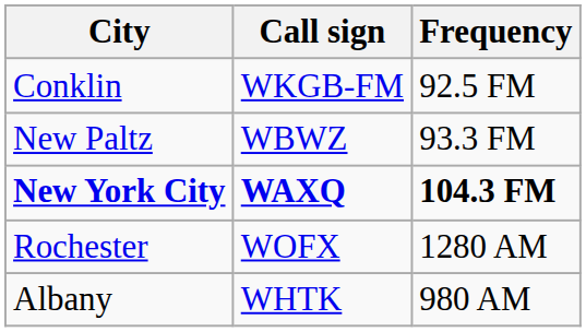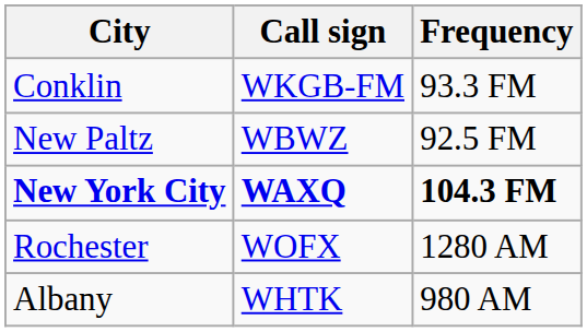 <table class="wikitable">
 <tr>
 <th>City</th>
 <th>Call sign</th>
 <th>Frequency</th>
 </tr>
 <tr>
 <td><a href='#'>Conklin</a></td>
 <td><a href='#'>WKGB-FM</a></td>
-<td>92.5 FM</td>
+<td>93.3 FM</td>
 </tr>
 <tr>
 <td><a href='#'>New Paltz</a></td>
 <td><a href='#'>WBWZ</a></td>
-<td>93.3 FM</td>
+<td>92.5 FM</td>
 </tr>
 <tr>
 <td><strong><a href='#'>New York City</a></strong></td>
 <td><strong><a href='#'>WAXQ</a></strong></td>
 <td><strong>104.3 FM</strong></td>
 </tr>
 <tr>
 <td><a href='#'>Rochester</a></td>
 <td><a href='#'>WOFX</a></td>
 <td>1280 AM</td>
 </tr>
 <tr>
 <td>Albany</td>
 <td><a href='#'>WHTK</a></td>
 <td>980 AM</td>
 </tr>
 </table>
